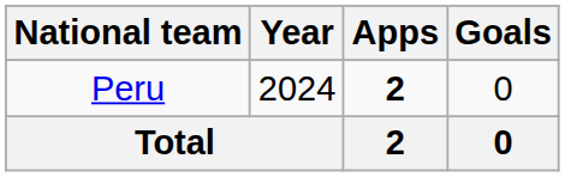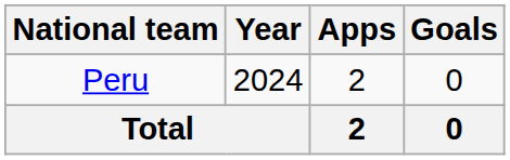 <table class="wikitable" style="text-align:center">
 <tr>
 <th>National team</th>
 <th>Year</th>
 <th>Apps</th>
 <th>Goals</th>
 </tr>
 <tr>
 <td rowspan="1"><a href='#'>Peru</a></td>
 <td>2024</td>
-<td><strong>2</strong></td>
+<td>2</td>
 <td>0</td>
 </tr>
 <tr>
 <th colspan="2">Total</th>
 <th>2</th>
 <th>0</th>
 </tr>
 </table>
